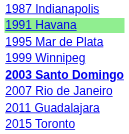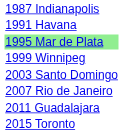 <table>
 <tr>
 <td><a href='#'>1987 Indianapolis</a></td>
 <td></td>
 <td></td>
 <td></td>
 </tr>
 <tr>
-<td style="background: lightgreen;"><a href='#'>1991 Havana</a></td>
+<td><a href='#'>1991 Havana</a></td>
 <td></td>
 <td></td>
 <td></td>
 </tr>
 <tr>
-<td><a href='#'>1995 Mar de Plata</a></td>
+<td style="background: lightgreen;"><a href='#'>1995 Mar de Plata</a></td>
 <td></td>
 <td></td>
 <td></td>
 </tr>
 <tr>
 <td><a href='#'>1999 Winnipeg</a></td>
 <td></td>
 <td></td>
 <td></td>
 </tr>
 <tr>
-<td><strong><a href='#'>2003 Santo Domingo</a></strong></td>
+<td><a href='#'>2003 Santo Domingo</a></td>
 <td></td>
 <td></td>
 <td></td>
 </tr>
 <tr>
 <td><a href='#'>2007 Rio de Janeiro</a></td>
 <td></td>
 <td></td>
 <td></td>
 </tr>
 <tr>
 <td><a href='#'>2011 Guadalajara</a></td>
 <td></td>
 <td></td>
 <td></td>
 </tr>
 <tr>
 <td><a href='#'>2015 Toronto</a><br></td>
 <td></td>
 <td></td>
 <td></td>
 </tr>
 </table>
